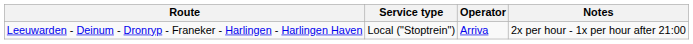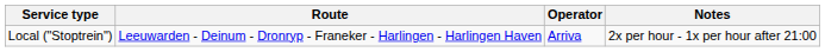 <table class="wikitable">
 <tr>
+<th>Service type</th>
 <th>Route</th>
-<th>Service type</th>
 <th>Operator</th>
 <th>Notes</th>
 </tr>
 <tr>
+<td>Local ("Stoptrein")</td>
 <td><a href='#'>Leeuwarden</a> - <a href='#'>Deinum</a> - <a href='#'>Dronryp</a> - Franeker - <a href='#'>Harlingen</a> - <a href='#'>Harlingen Haven</a></td>
-<td>Local ("Stoptrein")</td>
 <td><a href='#'>Arriva</a></td>
 <td>2x per hour - 1x per hour after 21:00</td>
 </tr>
 </table>
